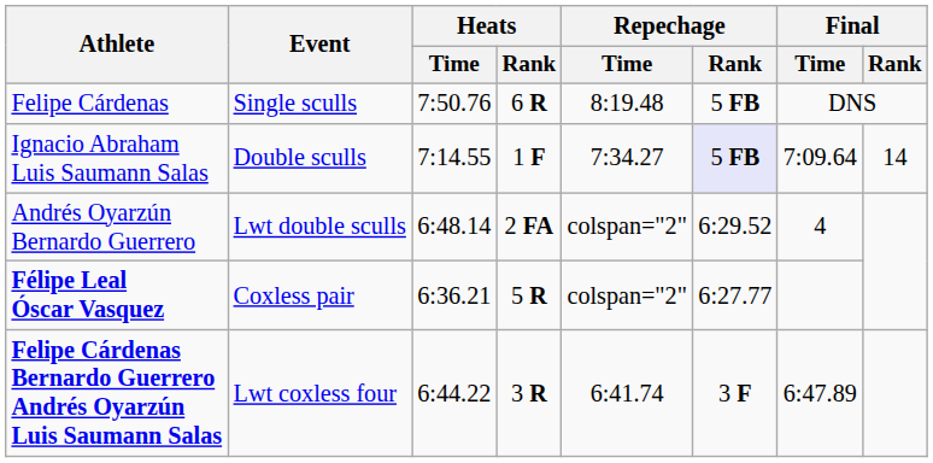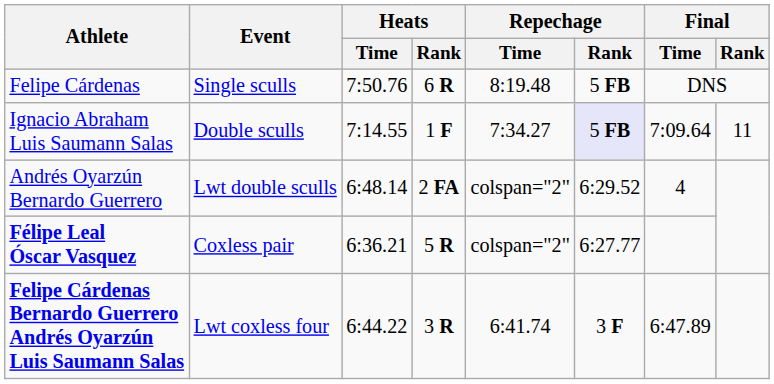 <table class="wikitable" style="font-size:90%">
 <tr>
 <th rowspan=2>Athlete</th>
 <th rowspan=2>Event</th>
 <th colspan="2">Heats</th>
 <th colspan="2">Repechage</th>
 <th colspan="2">Final</th>
 </tr>
 <tr style="font-size:95%">
 <th>Time</th>
 <th>Rank</th>
 <th>Time</th>
 <th>Rank</th>
 <th>Time</th>
 <th>Rank</th>
 </tr>
 <tr align=center>
 <td align=left><a href='#'>Felipe Cárdenas</a></td>
 <td align=left><a href='#'>Single sculls</a></td>
 <td>7:50.76</td>
 <td>6 <strong>R</strong></td>
 <td>8:19.48</td>
 <td>5 <strong>FB</strong></td>
 <td colspan=2>DNS</td>
 </tr>
 <tr align=center>
 <td align=left><a href='#'>Ignacio Abraham</a><br><a href='#'>Luis Saumann Salas</a></td>
 <td align=left><a href='#'>Double sculls</a></td>
 <td>7:14.55</td>
 <td>1 <strong>F</strong></td>
 <td>7:34.27</td>
 <td style="background: lavender;">5 <strong>FB</strong></td>
 <td>7:09.64</td>
-<td>14</td>
+<td>11</td>
 </tr>
 <tr align=center>
 <td align=left><a href='#'>Andrés Oyarzún</a><br><a href='#'>Bernardo Guerrero</a></td>
 <td align=left><a href='#'>Lwt double sculls</a></td>
 <td>6:48.14</td>
 <td>2 <strong>FA</strong></td>
 <td>colspan="2" </td>
 <td>6:29.52</td>
 <td>4</td>
 </tr>
 <tr align=center>
 <td align=left><strong><a href='#'>Félipe Leal</a><br><a href='#'>Óscar Vasquez</a></strong></td>
 <td align=left><a href='#'>Coxless pair</a></td>
 <td>6:36.21</td>
 <td>5 <strong>R</strong></td>
 <td>colspan="2" </td>
 <td>6:27.77</td>
 <td></td>
 </tr>
 <tr align=center>
 <td align=left><strong><a href='#'>Felipe Cárdenas</a><br><a href='#'>Bernardo Guerrero</a><br><a href='#'>Andrés Oyarzún</a><br><a href='#'>Luis Saumann Salas</a></strong></td>
 <td align=left><a href='#'>Lwt coxless four</a></td>
 <td>6:44.22</td>
 <td>3 <strong>R</strong></td>
 <td>6:41.74</td>
 <td>3 <strong>F</strong></td>
 <td>6:47.89</td>
 <td></td>
 </tr>
 </table>
